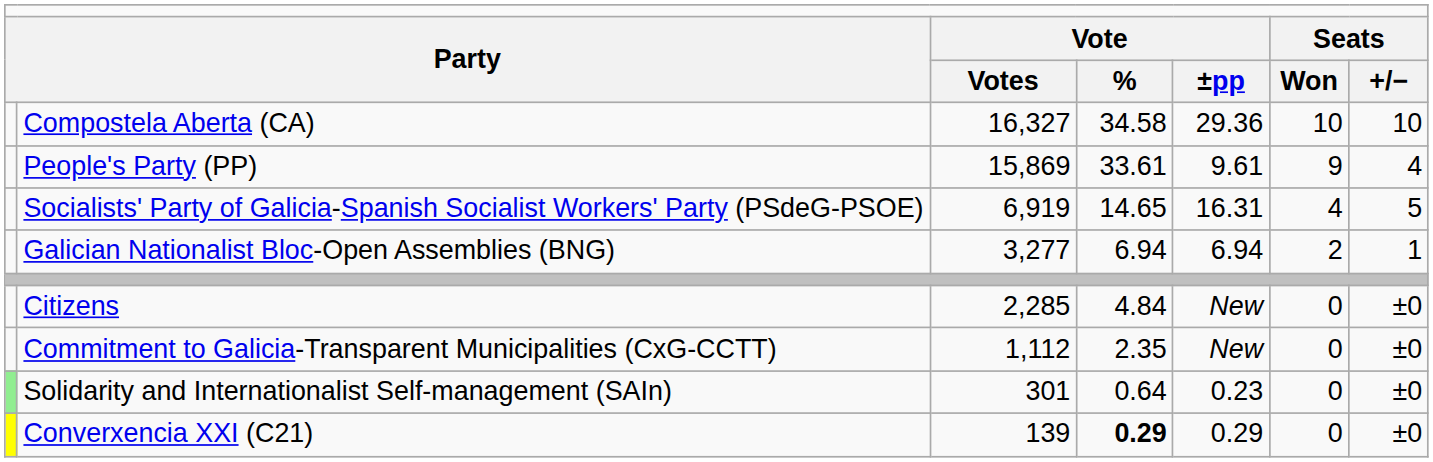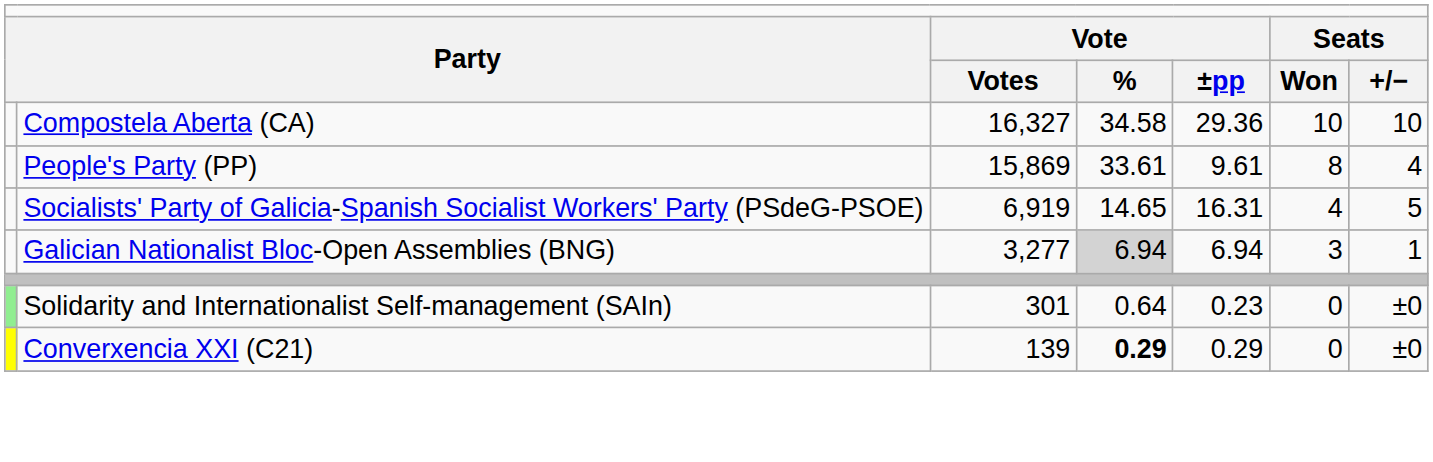 <table class="wikitable" style="text-align:right; font-size:100%; margin-bottom:0">
 <tr>
 <td colspan="7"></td>
 </tr>
 <tr>
 <th align="left" rowspan="2" colspan="2" width="500">Party</th>
 <th colspan="3">Vote</th>
 <th colspan="2">Seats</th>
 </tr>
 <tr>
 <th width="80">Votes</th>
 <th width="50">%</th>
 <th width="50">±<a href='#'>pp</a></th>
 <th width="40">Won</th>
 <th width="40">+/−</th>
 </tr>
 <tr>
 <td style="color:inherit;background:"></td>
 <td align="left"><a href='#'>Compostela Aberta</a> (CA)</td>
 <td>16,327</td>
 <td>34.58</td>
 <td>29.36</td>
 <td>10</td>
 <td>10</td>
 </tr>
 <tr>
 <td style="color:inherit;background:"></td>
 <td align="left"><a href='#'>People's Party</a> (PP)</td>
 <td>15,869</td>
 <td>33.61</td>
 <td>9.61</td>
-<td>9</td>
+<td>8</td>
 <td>4</td>
 </tr>
 <tr>
 <td style="color:inherit;background:"></td>
 <td align="left"><a href='#'>Socialists' Party of Galicia</a>-<a href='#'>Spanish Socialist Workers' Party</a> (PSdeG-PSOE)</td>
 <td>6,919</td>
 <td>14.65</td>
 <td>16.31</td>
 <td>4</td>
 <td>5</td>
 </tr>
 <tr>
 <td style="color:inherit;background:"></td>
 <td align="left"><a href='#'>Galician Nationalist Bloc</a>-Open Assemblies (BNG)</td>
 <td>3,277</td>
+<td style="background: lightgrey;">6.94</td>
 <td>6.94</td>
-<td>6.94</td>
-<td>2</td>
+<td>3</td>
 <td>1</td>
 </tr>
 <tr>
 <td colspan="7" bgcolor="#C0C0C0"></td>
-</tr>
-<tr>
-<td style="color:inherit;background:"></td>
-<td align="left"><a href='#'>Citizens</a></td>
-<td>2,285</td>
-<td>4.84</td>
-<td><em>New</em></td>
-<td>0</td>
-<td>±0</td>
-</tr>
-<tr>
-<td style="color:inherit;background:"></td>
-<td align="left"><a href='#'>Commitment to Galicia</a>-Transparent Municipalities (CxG-CCTT)</td>
-<td>1,112</td>
-<td>2.35</td>
-<td><em>New</em></td>
-<td>0</td>
-<td>±0</td>
 </tr>
 <tr>
 <td bgcolor="lightgreen"></td>
 <td align="left">Solidarity and Internationalist Self-management (SAIn)</td>
 <td>301</td>
 <td>0.64</td>
 <td>0.23</td>
 <td>0</td>
 <td>±0</td>
 </tr>
 <tr>
 <td bgcolor="yellow"></td>
 <td align="left"><a href='#'>Converxencia XXI</a> (C21)</td>
 <td>139</td>
 <td><strong>0.29</strong></td>
 <td>0.29</td>
 <td>0</td>
 <td>±0</td>
 </tr>
 </table>
